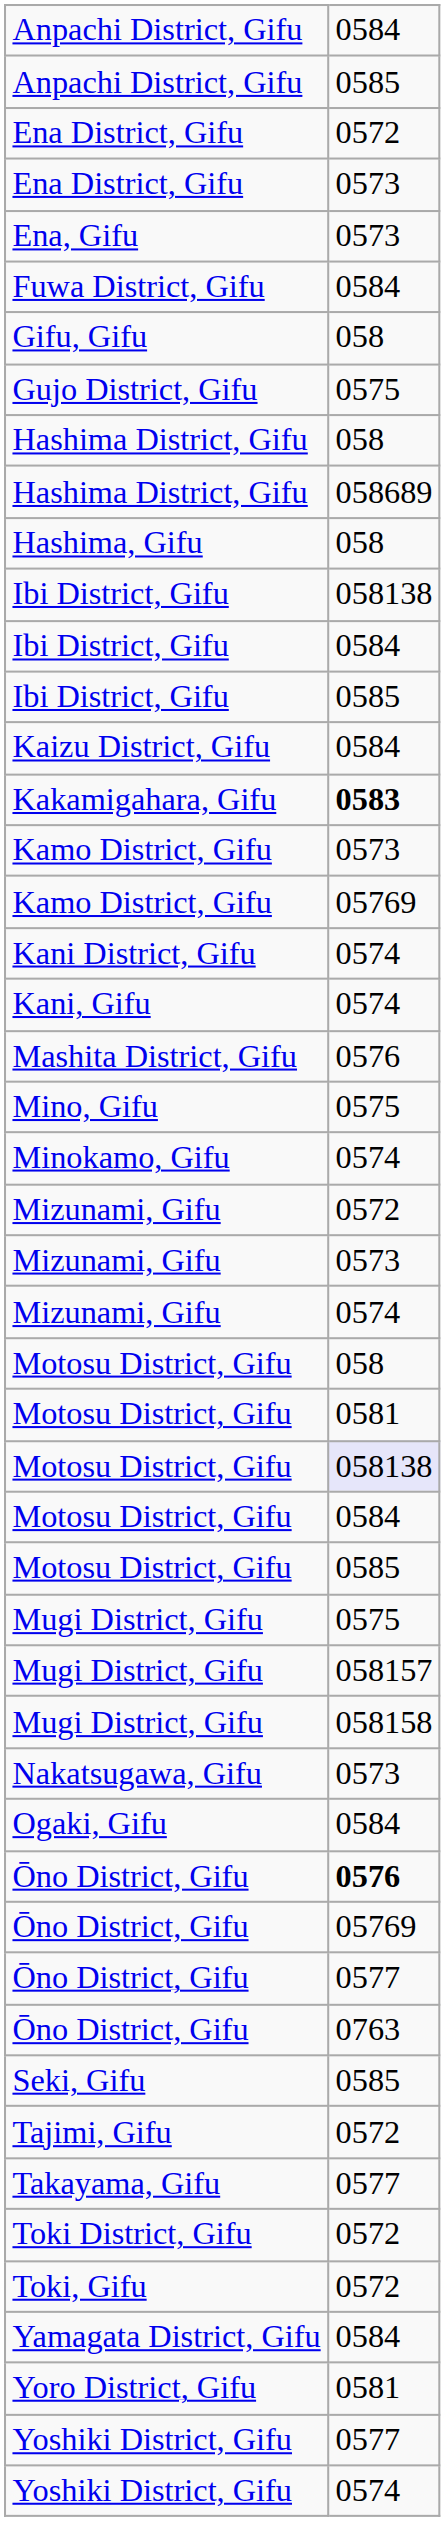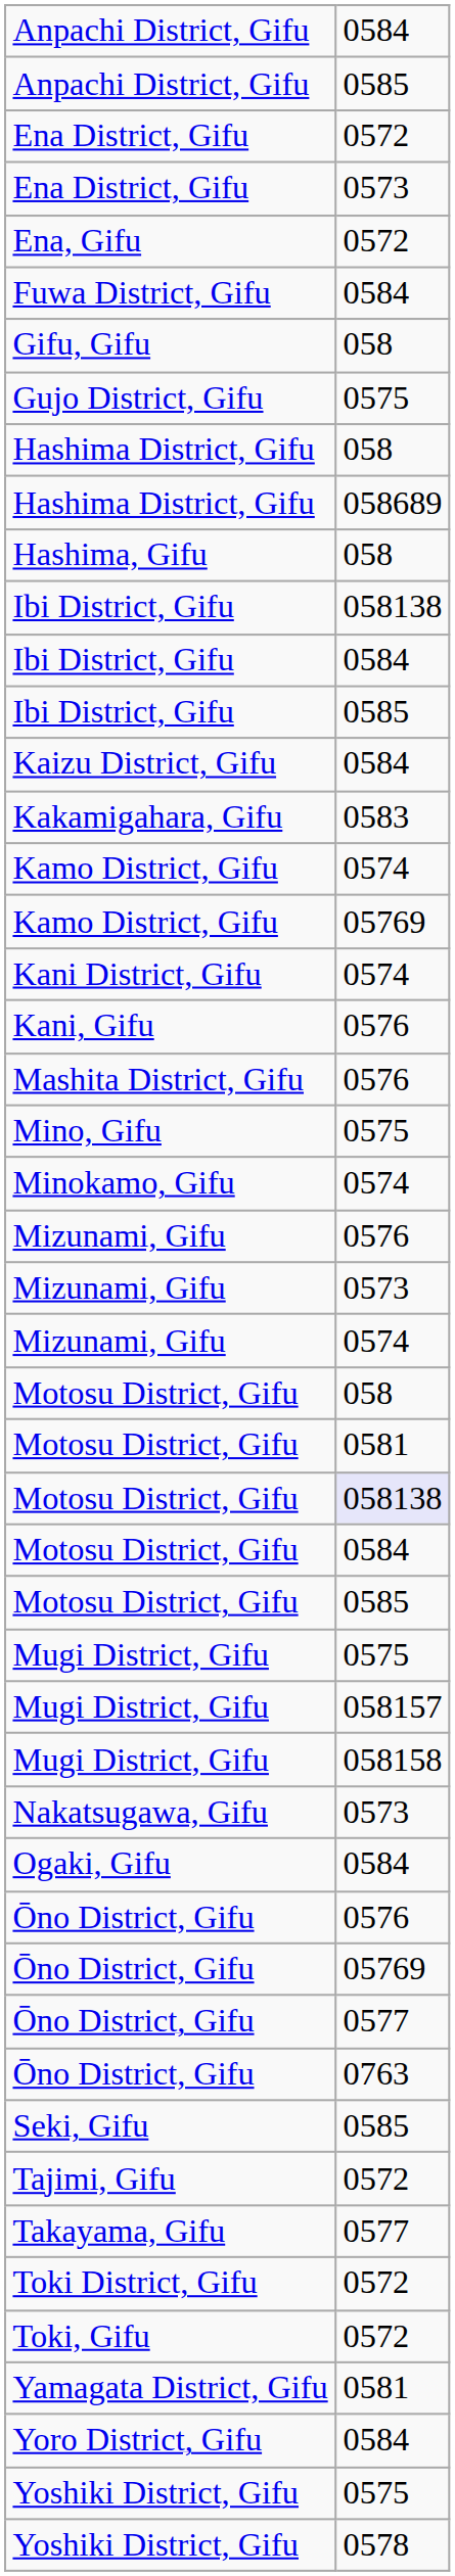 <table class="wikitable">
 <tr>
 <td><a href='#'>Anpachi District, Gifu</a></td>
 <td>0584</td>
 </tr>
 <tr>
 <td><a href='#'>Anpachi District, Gifu</a></td>
 <td>0585</td>
 </tr>
 <tr>
 <td><a href='#'>Ena District, Gifu</a></td>
 <td>0572</td>
 </tr>
 <tr>
 <td><a href='#'>Ena District, Gifu</a></td>
 <td>0573</td>
 </tr>
 <tr>
 <td><a href='#'>Ena, Gifu</a></td>
-<td>0573</td>
+<td>0572</td>
 </tr>
 <tr>
 <td><a href='#'>Fuwa District, Gifu</a></td>
 <td>0584</td>
 </tr>
 <tr>
 <td><a href='#'>Gifu, Gifu</a></td>
 <td>058</td>
 </tr>
 <tr>
 <td><a href='#'>Gujo District, Gifu</a></td>
 <td>0575</td>
 </tr>
 <tr>
 <td><a href='#'>Hashima District, Gifu</a></td>
 <td>058</td>
 </tr>
 <tr>
 <td><a href='#'>Hashima District, Gifu</a></td>
 <td>058689</td>
 </tr>
 <tr>
 <td><a href='#'>Hashima, Gifu</a></td>
 <td>058</td>
 </tr>
 <tr>
 <td><a href='#'>Ibi District, Gifu</a></td>
 <td>058138</td>
 </tr>
 <tr>
 <td><a href='#'>Ibi District, Gifu</a></td>
 <td>0584</td>
 </tr>
 <tr>
 <td><a href='#'>Ibi District, Gifu</a></td>
 <td>0585</td>
 </tr>
 <tr>
 <td><a href='#'>Kaizu District, Gifu</a></td>
 <td>0584</td>
 </tr>
 <tr>
 <td><a href='#'>Kakamigahara, Gifu</a></td>
-<td><strong>0583</strong></td>
+<td>0583</td>
 </tr>
 <tr>
 <td><a href='#'>Kamo District, Gifu</a></td>
-<td>0573</td>
+<td>0574</td>
 </tr>
 <tr>
 <td><a href='#'>Kamo District, Gifu</a></td>
 <td>05769</td>
 </tr>
 <tr>
 <td><a href='#'>Kani District, Gifu</a></td>
 <td>0574</td>
 </tr>
 <tr>
 <td><a href='#'>Kani, Gifu</a></td>
-<td>0574</td>
+<td>0576</td>
 </tr>
 <tr>
 <td><a href='#'>Mashita District, Gifu</a></td>
 <td>0576</td>
 </tr>
 <tr>
 <td><a href='#'>Mino, Gifu</a></td>
 <td>0575</td>
 </tr>
 <tr>
 <td><a href='#'>Minokamo, Gifu</a></td>
 <td>0574</td>
 </tr>
 <tr>
 <td><a href='#'>Mizunami, Gifu</a></td>
-<td>0572</td>
+<td>0576</td>
 </tr>
 <tr>
 <td><a href='#'>Mizunami, Gifu</a></td>
 <td>0573</td>
 </tr>
 <tr>
 <td><a href='#'>Mizunami, Gifu</a></td>
 <td>0574</td>
 </tr>
 <tr>
 <td><a href='#'>Motosu District, Gifu</a></td>
 <td>058</td>
 </tr>
 <tr>
 <td><a href='#'>Motosu District, Gifu</a></td>
 <td>0581</td>
 </tr>
 <tr>
 <td><a href='#'>Motosu District, Gifu</a></td>
 <td style="background: lavender;">058138</td>
 </tr>
 <tr>
 <td><a href='#'>Motosu District, Gifu</a></td>
 <td>0584</td>
 </tr>
 <tr>
 <td><a href='#'>Motosu District, Gifu</a></td>
 <td>0585</td>
 </tr>
 <tr>
 <td><a href='#'>Mugi District, Gifu</a></td>
 <td>0575</td>
 </tr>
 <tr>
 <td><a href='#'>Mugi District, Gifu</a></td>
 <td>058157</td>
 </tr>
 <tr>
 <td><a href='#'>Mugi District, Gifu</a></td>
 <td>058158</td>
 </tr>
 <tr>
 <td><a href='#'>Nakatsugawa, Gifu</a></td>
 <td>0573</td>
 </tr>
 <tr>
 <td><a href='#'>Ogaki, Gifu</a></td>
 <td>0584</td>
 </tr>
 <tr>
 <td><a href='#'>Ōno District, Gifu</a></td>
-<td><strong>0576</strong></td>
+<td>0576</td>
 </tr>
 <tr>
 <td><a href='#'>Ōno District, Gifu</a></td>
 <td>05769</td>
 </tr>
 <tr>
 <td><a href='#'>Ōno District, Gifu</a></td>
 <td>0577</td>
 </tr>
 <tr>
 <td><a href='#'>Ōno District, Gifu</a></td>
 <td>0763</td>
 </tr>
 <tr>
 <td><a href='#'>Seki, Gifu</a></td>
 <td>0585</td>
 </tr>
 <tr>
 <td><a href='#'>Tajimi, Gifu</a></td>
 <td>0572</td>
 </tr>
 <tr>
 <td><a href='#'>Takayama, Gifu</a></td>
 <td>0577</td>
 </tr>
 <tr>
 <td><a href='#'>Toki District, Gifu</a></td>
 <td>0572</td>
 </tr>
 <tr>
 <td><a href='#'>Toki, Gifu</a></td>
 <td>0572</td>
 </tr>
 <tr>
 <td><a href='#'>Yamagata District, Gifu</a></td>
+<td>0581</td>
+</tr>
+<tr>
+<td><a href='#'>Yoro District, Gifu</a></td>
 <td>0584</td>
 </tr>
 <tr>
-<td><a href='#'>Yoro District, Gifu</a></td>
-<td>0581</td>
+<td><a href='#'>Yoshiki District, Gifu</a></td>
+<td>0575</td>
 </tr>
 <tr>
 <td><a href='#'>Yoshiki District, Gifu</a></td>
-<td>0577</td>
-</tr>
-<tr>
-<td><a href='#'>Yoshiki District, Gifu</a></td>
-<td>0574</td>
+<td>0578</td>
 </tr>
 </table>
